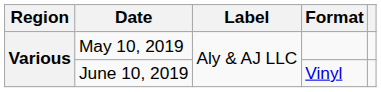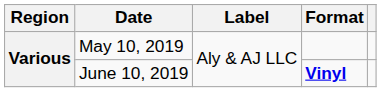 <table class="wikitable plainrowheaders">
 <tr>
 <th scope="col">Region</th>
 <th scope="col">Date</th>
 <th scope="col">Label</th>
 <th scope="col">Format</th>
 <th scope="col"></th>
 </tr>
 <tr>
 <th scope="row" rowspan="2">Various</th>
 <td>May 10, 2019</td>
 <td rowspan="2">Aly & AJ LLC</td>
 <td></td>
 <td style="text-align:center;"></td>
 </tr>
 <tr>
 <td>June 10, 2019</td>
-<td><a href='#'>Vinyl</a></td>
+<td><strong><a href='#'>Vinyl</a></strong></td>
 <td style="text-align:center;"></td>
 </tr>
 </table>
